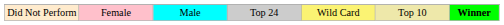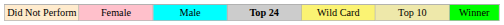 <table class="wikitable" style="margin:1em auto; text-align:center;">
 <tr>
 </tr>
 <tr>
 <td style="background:#FFEBCD;" width="15%">Did Not Perform</td>
 <td style="background:pink;" width="15%">Female</td>
 <td style="background:cyan;" width="15%">Male</td>
-<td style="background:#CCCCCC;" width="15%">Top 24</td>
+<td style="background:#CCCCCC;" width="15%"><strong>Top 24</strong></td>
 <td style="background:#fbf373; width:15%;">Wild Card</td>
 <td style="background:palegoldenrod;" width="15%">Top 10</td>
-<td style="background:lime;" width="15%"><strong>Winner</strong></td>
+<td style="background:lime;" width="15%">Winner</td>
 </tr>
 </table>
